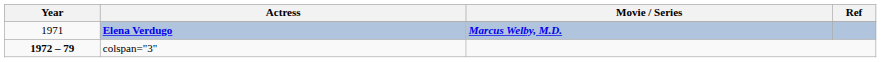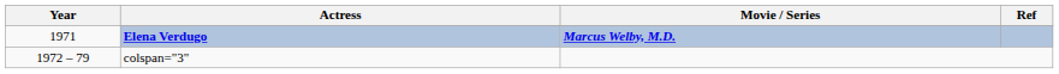 <table class="wikitable" style="width:100%;">
 <tr style="background:#bebebe;">
 <th style="width:11%;">Year</th>
 <th style="width:42%;">Actress</th>
 <th style="width:42%;">Movie / Series</th>
 <th style="width:5%;">Ref</th>
 </tr>
 <tr>
 <td rowspan="2" align="center">1971</td>
 </tr>
 <tr style="background:#B0C4DE">
 <td><strong><a href='#'>Elena Verdugo</a></strong></td>
 <td><strong><em><a href='#'>Marcus Welby, M.D.</a></em></strong></td>
 <td align="center"></td>
 </tr>
 <tr>
-<td align="center"><strong>1972 – 79</strong></td>
+<td align="center">1972 – 79</td>
 <td>colspan="3" </td>
 </tr>
 </table>
